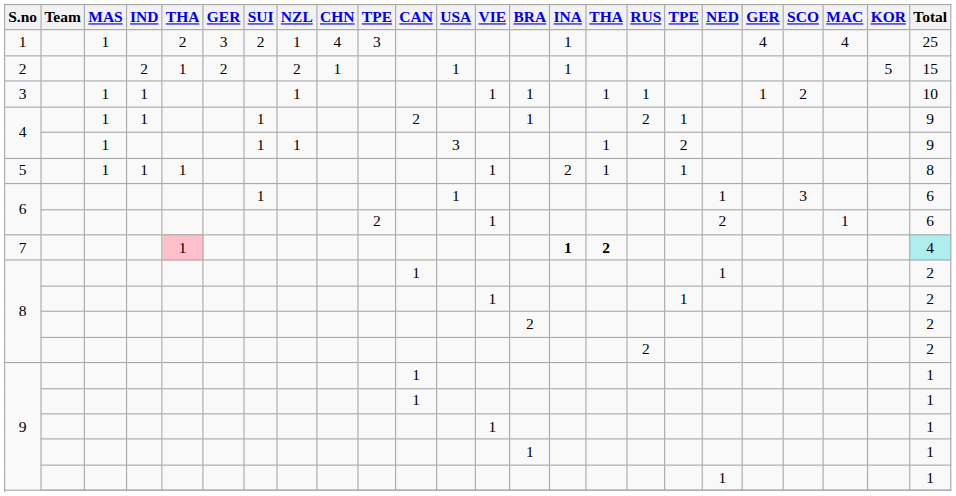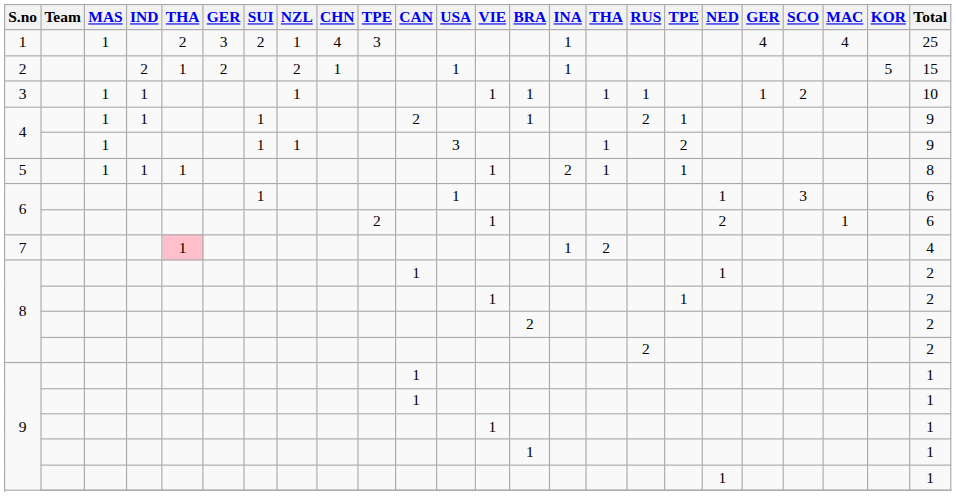 <table class=wikitable style="font-size:85%; text-align:center">
 <tr>
 <th>S.no</th>
 <th>Team</th>
 <th><a href='#'>MAS</a></th>
 <th><a href='#'>IND</a></th>
 <th><a href='#'>THA</a></th>
 <th><a href='#'>GER</a></th>
 <th><a href='#'>SUI</a></th>
 <th><a href='#'>NZL</a></th>
 <th><a href='#'>CHN</a></th>
 <th><a href='#'>TPE</a></th>
 <th><a href='#'>CAN</a></th>
 <th><a href='#'>USA</a></th>
 <th><a href='#'>VIE</a></th>
 <th><a href='#'>BRA</a></th>
 <th><a href='#'>INA</a></th>
 <th><a href='#'>THA</a></th>
 <th><a href='#'>RUS</a></th>
 <th><a href='#'>TPE</a></th>
 <th><a href='#'>NED</a></th>
 <th><a href='#'>GER</a></th>
 <th><a href='#'>SCO</a></th>
 <th><a href='#'>MAC</a></th>
 <th><a href='#'>KOR</a></th>
 <th>Total</th>
 </tr>
 <tr>
 <td>1</td>
 <td align=left></td>
 <td>1</td>
 <td></td>
 <td>2</td>
 <td>3</td>
 <td>2</td>
 <td>1</td>
 <td>4</td>
 <td>3</td>
 <td></td>
 <td></td>
 <td></td>
 <td></td>
 <td>1</td>
 <td></td>
 <td></td>
 <td></td>
 <td></td>
 <td>4</td>
 <td></td>
 <td>4</td>
 <td></td>
 <td>25</td>
 </tr>
 <tr>
 <td>2</td>
 <td align=left></td>
 <td></td>
 <td>2</td>
 <td>1</td>
 <td>2</td>
 <td></td>
 <td>2</td>
 <td>1</td>
 <td></td>
 <td></td>
 <td>1</td>
 <td></td>
 <td></td>
 <td>1</td>
 <td></td>
 <td></td>
 <td></td>
 <td></td>
 <td></td>
 <td></td>
 <td></td>
 <td>5</td>
 <td>15</td>
 </tr>
 <tr>
 <td>3</td>
 <td align=left></td>
 <td>1</td>
 <td>1</td>
 <td></td>
 <td></td>
 <td></td>
 <td>1</td>
 <td></td>
 <td></td>
 <td></td>
 <td></td>
 <td>1</td>
 <td>1</td>
 <td></td>
 <td>1</td>
 <td>1</td>
 <td></td>
 <td></td>
 <td>1</td>
 <td>2</td>
 <td></td>
 <td></td>
 <td>10</td>
 </tr>
 <tr>
 <td rowspan=2>4</td>
 <td align=left></td>
 <td>1</td>
 <td>1</td>
 <td></td>
 <td></td>
 <td>1</td>
 <td></td>
 <td></td>
 <td></td>
 <td>2</td>
 <td></td>
 <td></td>
 <td>1</td>
 <td></td>
 <td></td>
 <td>2</td>
 <td>1</td>
 <td></td>
 <td></td>
 <td></td>
 <td></td>
 <td></td>
 <td>9</td>
 </tr>
 <tr>
 <td align=left></td>
 <td>1</td>
 <td></td>
 <td></td>
 <td></td>
 <td>1</td>
 <td>1</td>
 <td></td>
 <td></td>
 <td></td>
 <td>3</td>
 <td></td>
 <td></td>
 <td></td>
 <td>1</td>
 <td></td>
 <td>2</td>
 <td></td>
 <td></td>
 <td></td>
 <td></td>
 <td></td>
 <td>9</td>
 </tr>
 <tr>
 <td>5</td>
 <td align=left></td>
 <td>1</td>
 <td>1</td>
 <td>1</td>
 <td></td>
 <td></td>
 <td></td>
 <td></td>
 <td></td>
 <td></td>
 <td></td>
 <td>1</td>
 <td></td>
 <td>2</td>
 <td>1</td>
 <td></td>
 <td>1</td>
 <td></td>
 <td></td>
 <td></td>
 <td></td>
 <td></td>
 <td>8</td>
 </tr>
 <tr>
 <td rowspan=2>6</td>
 <td align=left></td>
 <td></td>
 <td></td>
 <td></td>
 <td></td>
 <td>1</td>
 <td></td>
 <td></td>
 <td></td>
 <td></td>
 <td>1</td>
 <td></td>
 <td></td>
 <td></td>
 <td></td>
 <td></td>
 <td></td>
 <td>1</td>
 <td></td>
 <td>3</td>
 <td></td>
 <td></td>
 <td>6</td>
 </tr>
 <tr>
 <td align=left></td>
 <td></td>
 <td></td>
 <td></td>
 <td></td>
 <td></td>
 <td></td>
 <td></td>
 <td>2</td>
 <td></td>
 <td></td>
 <td>1</td>
 <td></td>
 <td></td>
 <td></td>
 <td></td>
 <td></td>
 <td>2</td>
 <td></td>
 <td></td>
 <td>1</td>
 <td></td>
 <td>6</td>
 </tr>
 <tr>
 <td rowspan=1>7</td>
 <td align=left></td>
 <td></td>
 <td></td>
 <td style="background: pink;">1</td>
 <td></td>
 <td></td>
 <td></td>
 <td></td>
 <td></td>
 <td></td>
 <td></td>
 <td></td>
 <td></td>
-<td><strong>1</strong></td>
-<td><strong>2</strong></td>
+<td>1</td>
+<td>2</td>
 <td></td>
 <td></td>
 <td></td>
 <td></td>
 <td></td>
 <td></td>
 <td></td>
-<td style="background: paleturquoise;">4</td>
+<td>4</td>
 </tr>
 <tr>
 <td rowspan=4>8</td>
 <td align=left></td>
 <td></td>
 <td></td>
 <td></td>
 <td></td>
 <td></td>
 <td></td>
 <td></td>
 <td></td>
 <td>1</td>
 <td></td>
 <td></td>
 <td></td>
 <td></td>
 <td></td>
 <td></td>
 <td></td>
 <td>1</td>
 <td></td>
 <td></td>
 <td></td>
 <td></td>
 <td>2</td>
 </tr>
 <tr>
 <td align=left></td>
 <td></td>
 <td></td>
 <td></td>
 <td></td>
 <td></td>
 <td></td>
 <td></td>
 <td></td>
 <td></td>
 <td></td>
 <td>1</td>
 <td></td>
 <td></td>
 <td></td>
 <td></td>
 <td>1</td>
 <td></td>
 <td></td>
 <td></td>
 <td></td>
 <td></td>
 <td>2</td>
 </tr>
 <tr>
 <td align=left></td>
 <td></td>
 <td></td>
 <td></td>
 <td></td>
 <td></td>
 <td></td>
 <td></td>
 <td></td>
 <td></td>
 <td></td>
 <td></td>
 <td>2</td>
 <td></td>
 <td></td>
 <td></td>
 <td></td>
 <td></td>
 <td></td>
 <td></td>
 <td></td>
 <td></td>
 <td>2</td>
 </tr>
 <tr>
 <td align=left></td>
 <td></td>
 <td></td>
 <td></td>
 <td></td>
 <td></td>
 <td></td>
 <td></td>
 <td></td>
 <td></td>
 <td></td>
 <td></td>
 <td></td>
 <td></td>
 <td></td>
 <td>2</td>
 <td></td>
 <td></td>
 <td></td>
 <td></td>
 <td></td>
 <td></td>
 <td>2</td>
 </tr>
 <tr>
 <td rowspan=6>9</td>
 <td align=left></td>
 <td></td>
 <td></td>
 <td></td>
 <td></td>
 <td></td>
 <td></td>
 <td></td>
 <td></td>
 <td>1</td>
 <td></td>
 <td></td>
 <td></td>
 <td></td>
 <td></td>
 <td></td>
 <td></td>
 <td></td>
 <td></td>
 <td></td>
 <td></td>
 <td></td>
 <td>1</td>
 </tr>
 <tr>
 <td align=left></td>
 <td></td>
 <td></td>
 <td></td>
 <td></td>
 <td></td>
 <td></td>
 <td></td>
 <td></td>
 <td>1</td>
 <td></td>
 <td></td>
 <td></td>
 <td></td>
 <td></td>
 <td></td>
 <td></td>
 <td></td>
 <td></td>
 <td></td>
 <td></td>
 <td></td>
 <td>1</td>
 </tr>
 <tr>
 <td align=left></td>
 <td></td>
 <td></td>
 <td></td>
 <td></td>
 <td></td>
 <td></td>
 <td></td>
 <td></td>
 <td></td>
 <td></td>
 <td>1</td>
 <td></td>
 <td></td>
 <td></td>
 <td></td>
 <td></td>
 <td></td>
 <td></td>
 <td></td>
 <td></td>
 <td></td>
 <td>1</td>
 </tr>
 <tr>
 <td align=left></td>
 <td></td>
 <td></td>
 <td></td>
 <td></td>
 <td></td>
 <td></td>
 <td></td>
 <td></td>
 <td></td>
 <td></td>
 <td></td>
 <td>1</td>
 <td></td>
 <td></td>
 <td></td>
 <td></td>
 <td></td>
 <td></td>
 <td></td>
 <td></td>
 <td></td>
 <td>1</td>
 </tr>
 <tr>
 <td align=left></td>
 <td></td>
 <td></td>
 <td></td>
 <td></td>
 <td></td>
 <td></td>
 <td></td>
 <td></td>
 <td></td>
 <td></td>
 <td></td>
 <td></td>
 <td></td>
 <td></td>
 <td></td>
 <td></td>
 <td>1</td>
 <td></td>
 <td></td>
 <td></td>
 <td></td>
 <td>1</td>
 </tr>
 <tr>
 </tr>
 </table>
